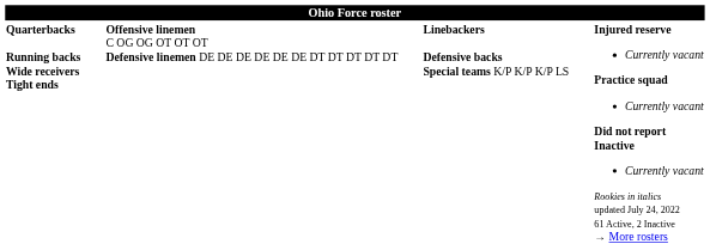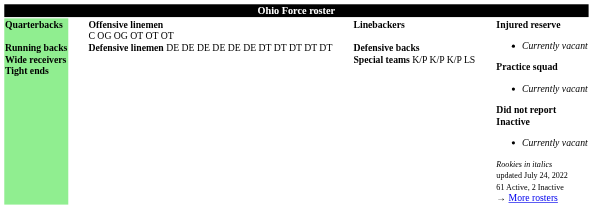 <table class="toccolours" style="text-align: left;">
 <tr>
 <th colspan="7" style="background-color:#000000;color:#FFFFFF;text-align:center;">Ohio Force roster</th>
 </tr>
 <tr>
-<td style="font-size: 95%;vertical-align:top;"><strong>Quarterbacks</strong><br>   <br><strong>Running backs</strong>    <br><strong>Wide receivers</strong>           <br><strong>Tight ends</strong>     </td>
+<td style="background: lightgreen; font-size: 95%;vertical-align:top;"><strong>Quarterbacks</strong><br>   <br><strong>Running backs</strong>    <br><strong>Wide receivers</strong>           <br><strong>Tight ends</strong>     </td>
 <td style="width: 25px;"></td>
 <td style="font-size: 95%;vertical-align:top;"><strong>Offensive linemen</strong><br> C  OG  OG  OT  OT  OT<br><strong>Defensive linemen</strong>  DE  DE  DE  DE  DE  DE  DT  DT  DT  DT  DT</td>
 <td style="width: 25px;"></td>
 <td style="font-size: 95%;vertical-align:top;"><strong>Linebackers</strong><br>   <br><strong>Defensive backs</strong>            <br><strong>Special teams</strong>  K/P  K/P  K/P  LS</td>
 <td style="width: 25px;"></td>
 <td style="font-size: 95%;vertical-align:top;"><strong>Injured reserve</strong><br><ul><li><em>Currently vacant</em></li></ul><strong>Practice squad</strong><ul><li><em>Currently vacant</em></li></ul><strong>Did not report</strong>  <br><strong>Inactive</strong><ul><li><em>Currently vacant</em></li></ul><small><em>Rookies in italics</em><br>  updated July 24, 2022<br> 61 Active, 2 Inactive</small><br>→ <a href='#'>More rosters</a></td>
 </tr>
 <tr>
 </tr>
 </table>
